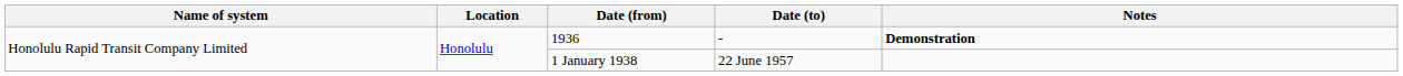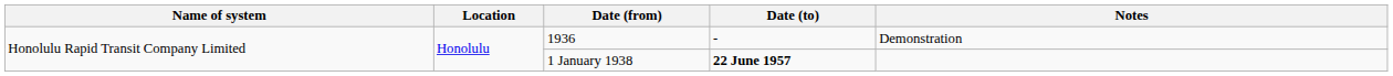 <table class="wikitable" width=100%>
 <tr>
 <th width=31%>Name of system</th>
 <th width=8%>Location</th>
 <th width=12%>Date (from)</th>
 <th width=12%>Date (to)</th>
 <th width=37%>Notes</th>
 </tr>
 <tr>
 <td rowspan="2">Honolulu Rapid Transit Company Limited</td>
 <td rowspan="2"><a href='#'>Honolulu</a></td>
 <td>1936</td>
 <td>-</td>
-<td><strong>Demonstration</strong></td>
+<td>Demonstration</td>
 </tr>
 <tr>
 <td>1 January 1938</td>
-<td>22 June 1957</td>
+<td><strong>22 June 1957</strong></td>
 <td> </td>
 </tr>
 </table>
